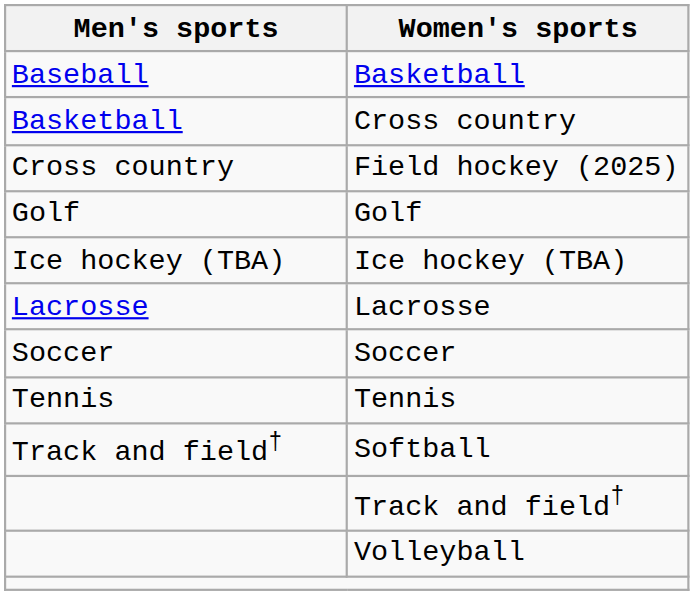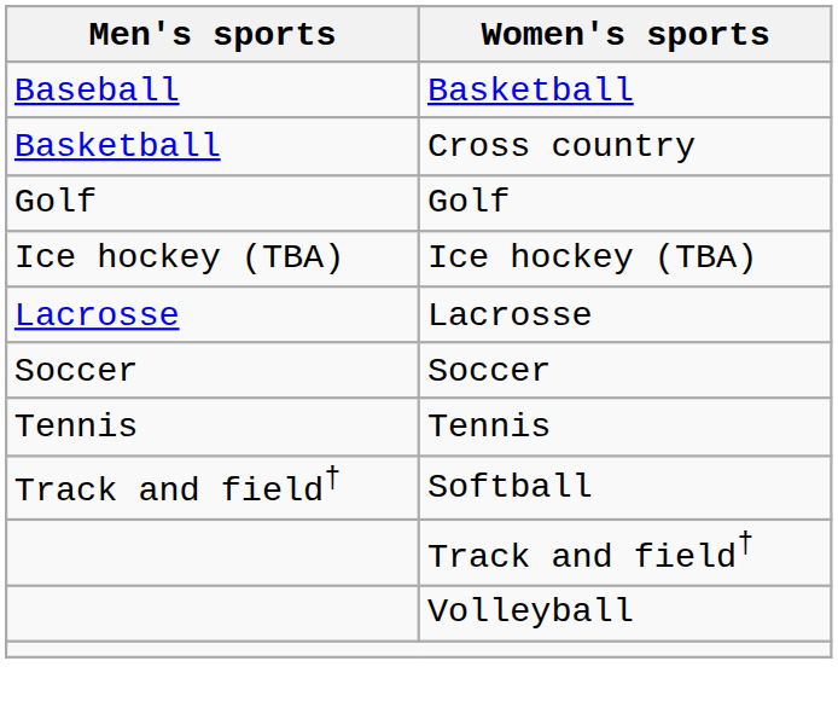 <table class="wikitable" style=" ">
 <tr>
 <th width=150px>Men's sports</th>
 <th width=150px>Women's sports</th>
 </tr>
 <tr>
 <td><a href='#'>Baseball</a></td>
 <td><a href='#'>Basketball</a></td>
 </tr>
 <tr>
 <td><a href='#'>Basketball</a></td>
 <td>Cross country</td>
-</tr>
-<tr>
-<td>Cross country</td>
-<td>Field hockey (2025)</td>
 </tr>
 <tr>
 <td>Golf</td>
 <td>Golf</td>
 </tr>
 <tr>
 <td>Ice hockey (TBA)</td>
 <td>Ice hockey (TBA)</td>
 </tr>
 <tr>
 <td><a href='#'>Lacrosse</a></td>
 <td>Lacrosse</td>
 </tr>
 <tr>
 <td>Soccer</td>
 <td>Soccer</td>
 </tr>
 <tr>
 <td>Tennis</td>
 <td>Tennis</td>
 </tr>
 <tr>
 <td>Track and field<sup>†</sup></td>
 <td>Softball</td>
 </tr>
 <tr>
 <td></td>
 <td>Track and field<sup>†</sup></td>
 </tr>
 <tr>
 <td></td>
 <td>Volleyball</td>
 </tr>
 <tr>
 <td colspan="2"></td>
 </tr>
 </table>
